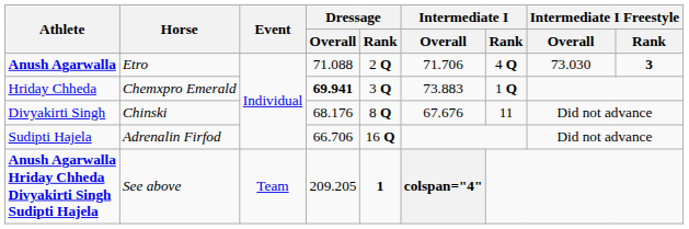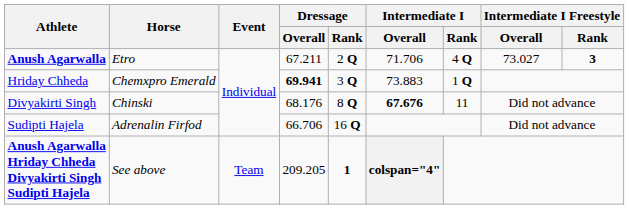 <table class=wikitable style="text-align:center; font-size:90%">
 <tr>
 <th rowspan="2">Athlete</th>
 <th rowspan="2">Horse</th>
 <th rowspan="2">Event</th>
 <th colspan="2">Dressage</th>
 <th colspan="2">Intermediate I</th>
 <th colspan="2">Intermediate I Freestyle</th>
 </tr>
 <tr>
 <th>Overall</th>
 <th>Rank</th>
 <th>Overall</th>
 <th>Rank</th>
 <th>Overall</th>
 <th>Rank</th>
 </tr>
 <tr>
 <td style="text-align:left"><strong><a href='#'>Anush Agarwalla</a></strong></td>
 <td style="text-align:left"><em>Etro</em></td>
 <td rowspan="4"><a href='#'>Individual</a></td>
-<td>71.088</td>
+<td>67.211</td>
 <td>2 <strong>Q</strong></td>
 <td>71.706</td>
 <td>4 <strong>Q</strong></td>
-<td>73.030</td>
+<td>73.027</td>
 <td><strong>3</strong></td>
 </tr>
 <tr>
 <td style="text-align:left"><a href='#'>Hriday Chheda</a></td>
 <td style="text-align:left"><em>Chemxpro Emerald</em></td>
 <td><strong>69.941</strong></td>
 <td>3 <strong>Q</strong></td>
 <td>73.883</td>
 <td>1 <strong>Q</strong></td>
 <td colspan=2></td>
 </tr>
 <tr>
 <td style="text-align:left"><a href='#'>Divyakirti Singh</a></td>
 <td style="text-align:left"><em>Chinski</em></td>
 <td>68.176</td>
 <td>8 <strong>Q</strong></td>
-<td>67.676</td>
+<td><strong>67.676</strong></td>
 <td>11</td>
 <td colspan="2">Did not advance</td>
 </tr>
 <tr>
 <td style="text-align:left"><a href='#'>Sudipti Hajela</a></td>
 <td style="text-align:left"><em>Adrenalin Firfod</em></td>
 <td>66.706</td>
 <td>16 <strong>Q</strong></td>
 <td colspan=2></td>
 <td colspan="2">Did not advance</td>
 </tr>
 <tr>
 <td style="text-align:left"><strong><a href='#'>Anush Agarwalla</a><br><a href='#'>Hriday Chheda</a><br><a href='#'>Divyakirti Singh</a><br><a href='#'>Sudipti Hajela</a></strong></td>
 <td style="text-align:left"><em>See above</em></td>
 <td><a href='#'>Team</a></td>
 <td>209.205</td>
 <td><strong>1</strong></td>
 <th>colspan="4" </th>
 </tr>
 </table>
